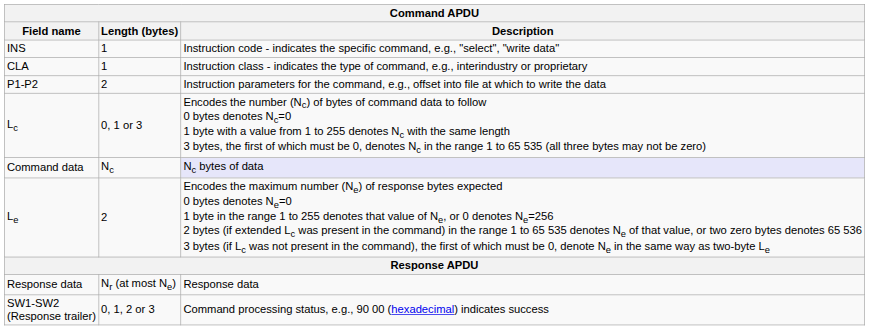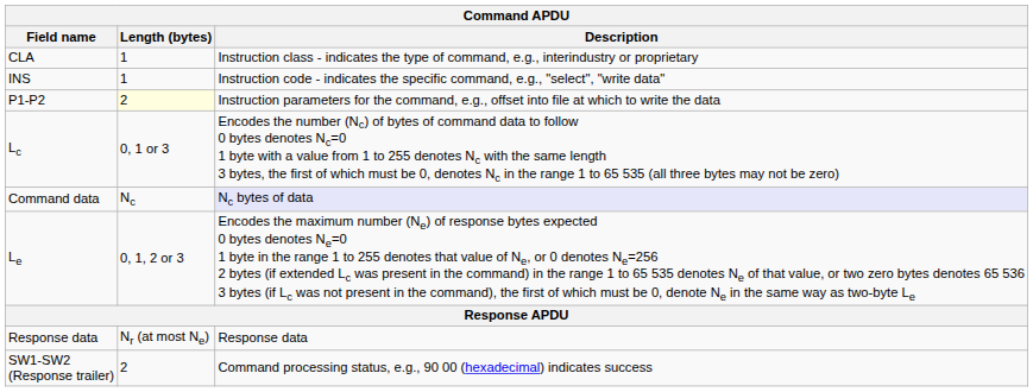 <table class="wikitable">
 <tr>
 <th colspan="3">Command APDU</th>
 </tr>
 <tr>
 <th>Field name</th>
 <th>Length (bytes)</th>
 <th>Description</th>
 </tr>
 <tr>
+<td>CLA</td>
+<td>1</td>
+<td>Instruction class - indicates the type of command, e.g., interindustry or proprietary</td>
+</tr>
+<tr>
 <td>INS</td>
 <td>1</td>
 <td>Instruction code - indicates the specific command, e.g., "select", "write data"</td>
 </tr>
 <tr>
-<td>CLA</td>
-<td>1</td>
-<td>Instruction class - indicates the type of command, e.g., interindustry or proprietary</td>
-</tr>
-<tr>
 <td>P1-P2</td>
-<td>2</td>
+<td style="background: lightyellow;">2</td>
 <td>Instruction parameters for the command, e.g., offset into file at which to write the data</td>
 </tr>
 <tr>
 <td>L<sub>c</sub></td>
 <td>0, 1 or 3</td>
 <td>Encodes the number (N<sub>c</sub>) of bytes of command data to follow<br>0 bytes denotes N<sub>c</sub>=0<br> 1 byte with a value from 1 to 255 denotes N<sub>c</sub> with the same length<br> 3 bytes, the first of which must be 0, denotes N<sub>c</sub> in the range 1 to 65 535 (all three bytes may not be zero)</td>
 </tr>
 <tr>
 <td>Command data</td>
 <td>N<sub>c</sub></td>
 <td style="background: lavender;">N<sub>c</sub> bytes of data</td>
 </tr>
 <tr>
 <td>L<sub>e</sub></td>
-<td>2</td>
+<td>0, 1, 2 or 3</td>
 <td>Encodes the maximum number (N<sub>e</sub>) of response bytes expected<br>0 bytes denotes N<sub>e</sub>=0<br> 1 byte in the range 1 to 255 denotes that value of N<sub>e</sub>, or 0 denotes N<sub>e</sub>=256<br> 2 bytes (if extended L<sub>c</sub> was present in the command) in the range 1 to 65 535 denotes N<sub>e</sub> of that value, or two zero bytes denotes 65 536<br> 3 bytes (if L<sub>c</sub> was not present in the command), the first of which must be 0, denote N<sub>e</sub> in the same way as two-byte L<sub>e</sub></td>
 </tr>
 <tr>
 <th colspan="3">Response APDU</th>
 </tr>
 <tr>
 <td>Response data</td>
 <td>N<sub>r</sub> (at most N<sub>e</sub>)</td>
 <td>Response data</td>
 </tr>
 <tr>
 <td>SW1-SW2<br>(Response trailer)</td>
-<td>0, 1, 2 or 3</td>
+<td>2</td>
 <td>Command processing status, e.g., 90 00 (<a href='#'>hexadecimal</a>) indicates success</td>
 </tr>
 </table>
